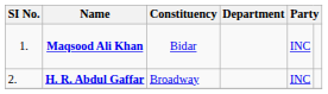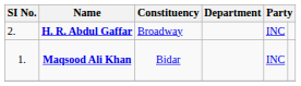 <table class ="wikitable">
 <tr>
 <th>SI No.</th>
 <th>Name</th>
 <th>Constituency</th>
 <th>Department</th>
 <th colspan="2" scope="col">Party</th>
+</tr>
+<tr>
+<td>2.</td>
+<td><strong><a href='#'>H. R. Abdul Gaffar</a></strong></td>
+<td><a href='#'>Broadway</a></td>
+<td></td>
+<td><a href='#'>INC</a></td>
+<td width="4px" style="background-color: "></td>
 </tr>
 <tr style="text-align:center; height:60px;">
 <td>1.</td>
 <td><strong><a href='#'>Maqsood Ali Khan</a></strong></td>
 <td><a href='#'>Bidar</a></td>
 <td></td>
 <td><a href='#'>INC</a></td>
 <td width="4px" style="background-color: "></td>
 </tr>
 <tr>
-<td>2.</td>
-<td><strong><a href='#'>H. R. Abdul Gaffar</a></strong></td>
-<td><a href='#'>Broadway</a></td>
-<td></td>
-<td><a href='#'>INC</a></td>
-<td width="4px" style="background-color: "></td>
-</tr>
-<tr>
 </tr>
 </table>
